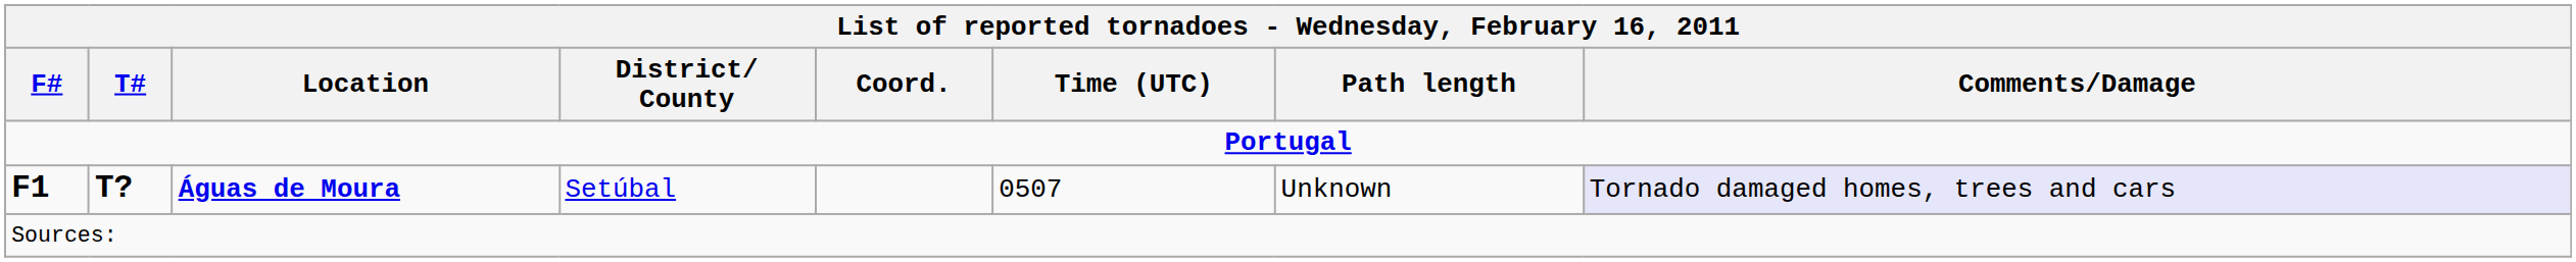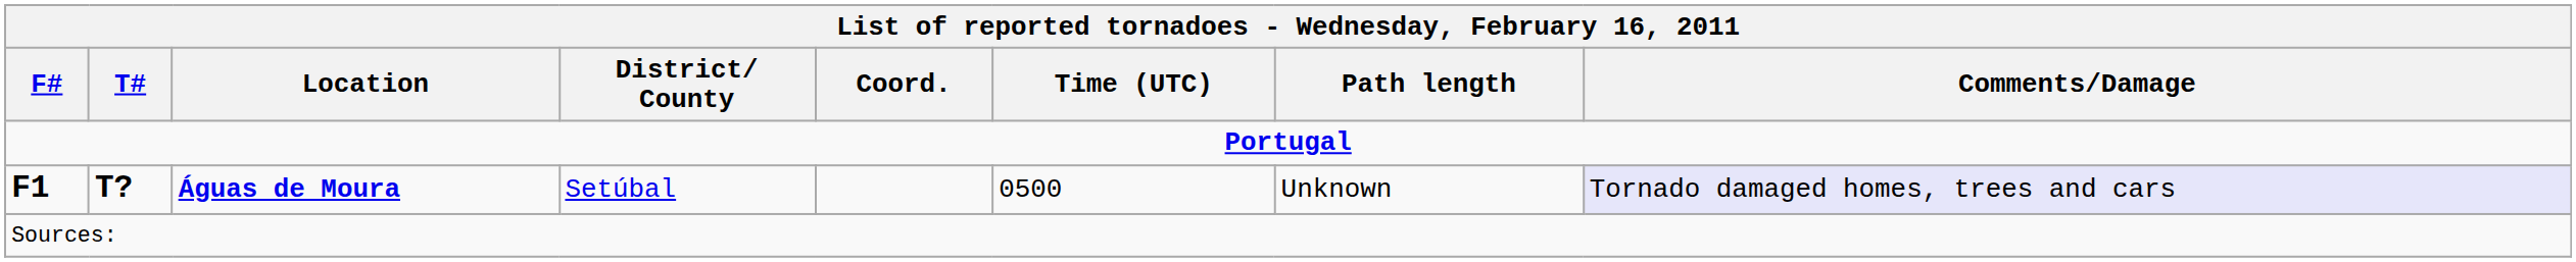 <table class="wikitable collapsible" width="100%">
 <tr>
 <th colspan="8">List of reported tornadoes - Wednesday, February 16, 2011</th>
 </tr>
 <tr>
 <th><a href='#'>F#</a></th>
 <th><a href='#'>T#</a></th>
 <th>Location</th>
 <th>District/<br>County</th>
 <th>Coord.</th>
 <th>Time (UTC)</th>
 <th>Path length</th>
 <th>Comments/Damage</th>
 </tr>
 <tr>
 <td colspan="8" align=center><strong><a href='#'>Portugal</a></strong></td>
 </tr>
 <tr>
 <td><big><strong>F1</strong></big></td>
 <td><big><strong>T?</strong></big></td>
 <td><strong><a href='#'>Águas de Moura</a></strong></td>
 <td><a href='#'>Setúbal</a></td>
 <td></td>
-<td>0507</td>
+<td>0500</td>
 <td>Unknown</td>
 <td style="background: lavender;">Tornado damaged homes, trees and cars</td>
 </tr>
 <tr>
 <td colspan="8"><small>Sources:  </small></td>
 </tr>
 </table>
